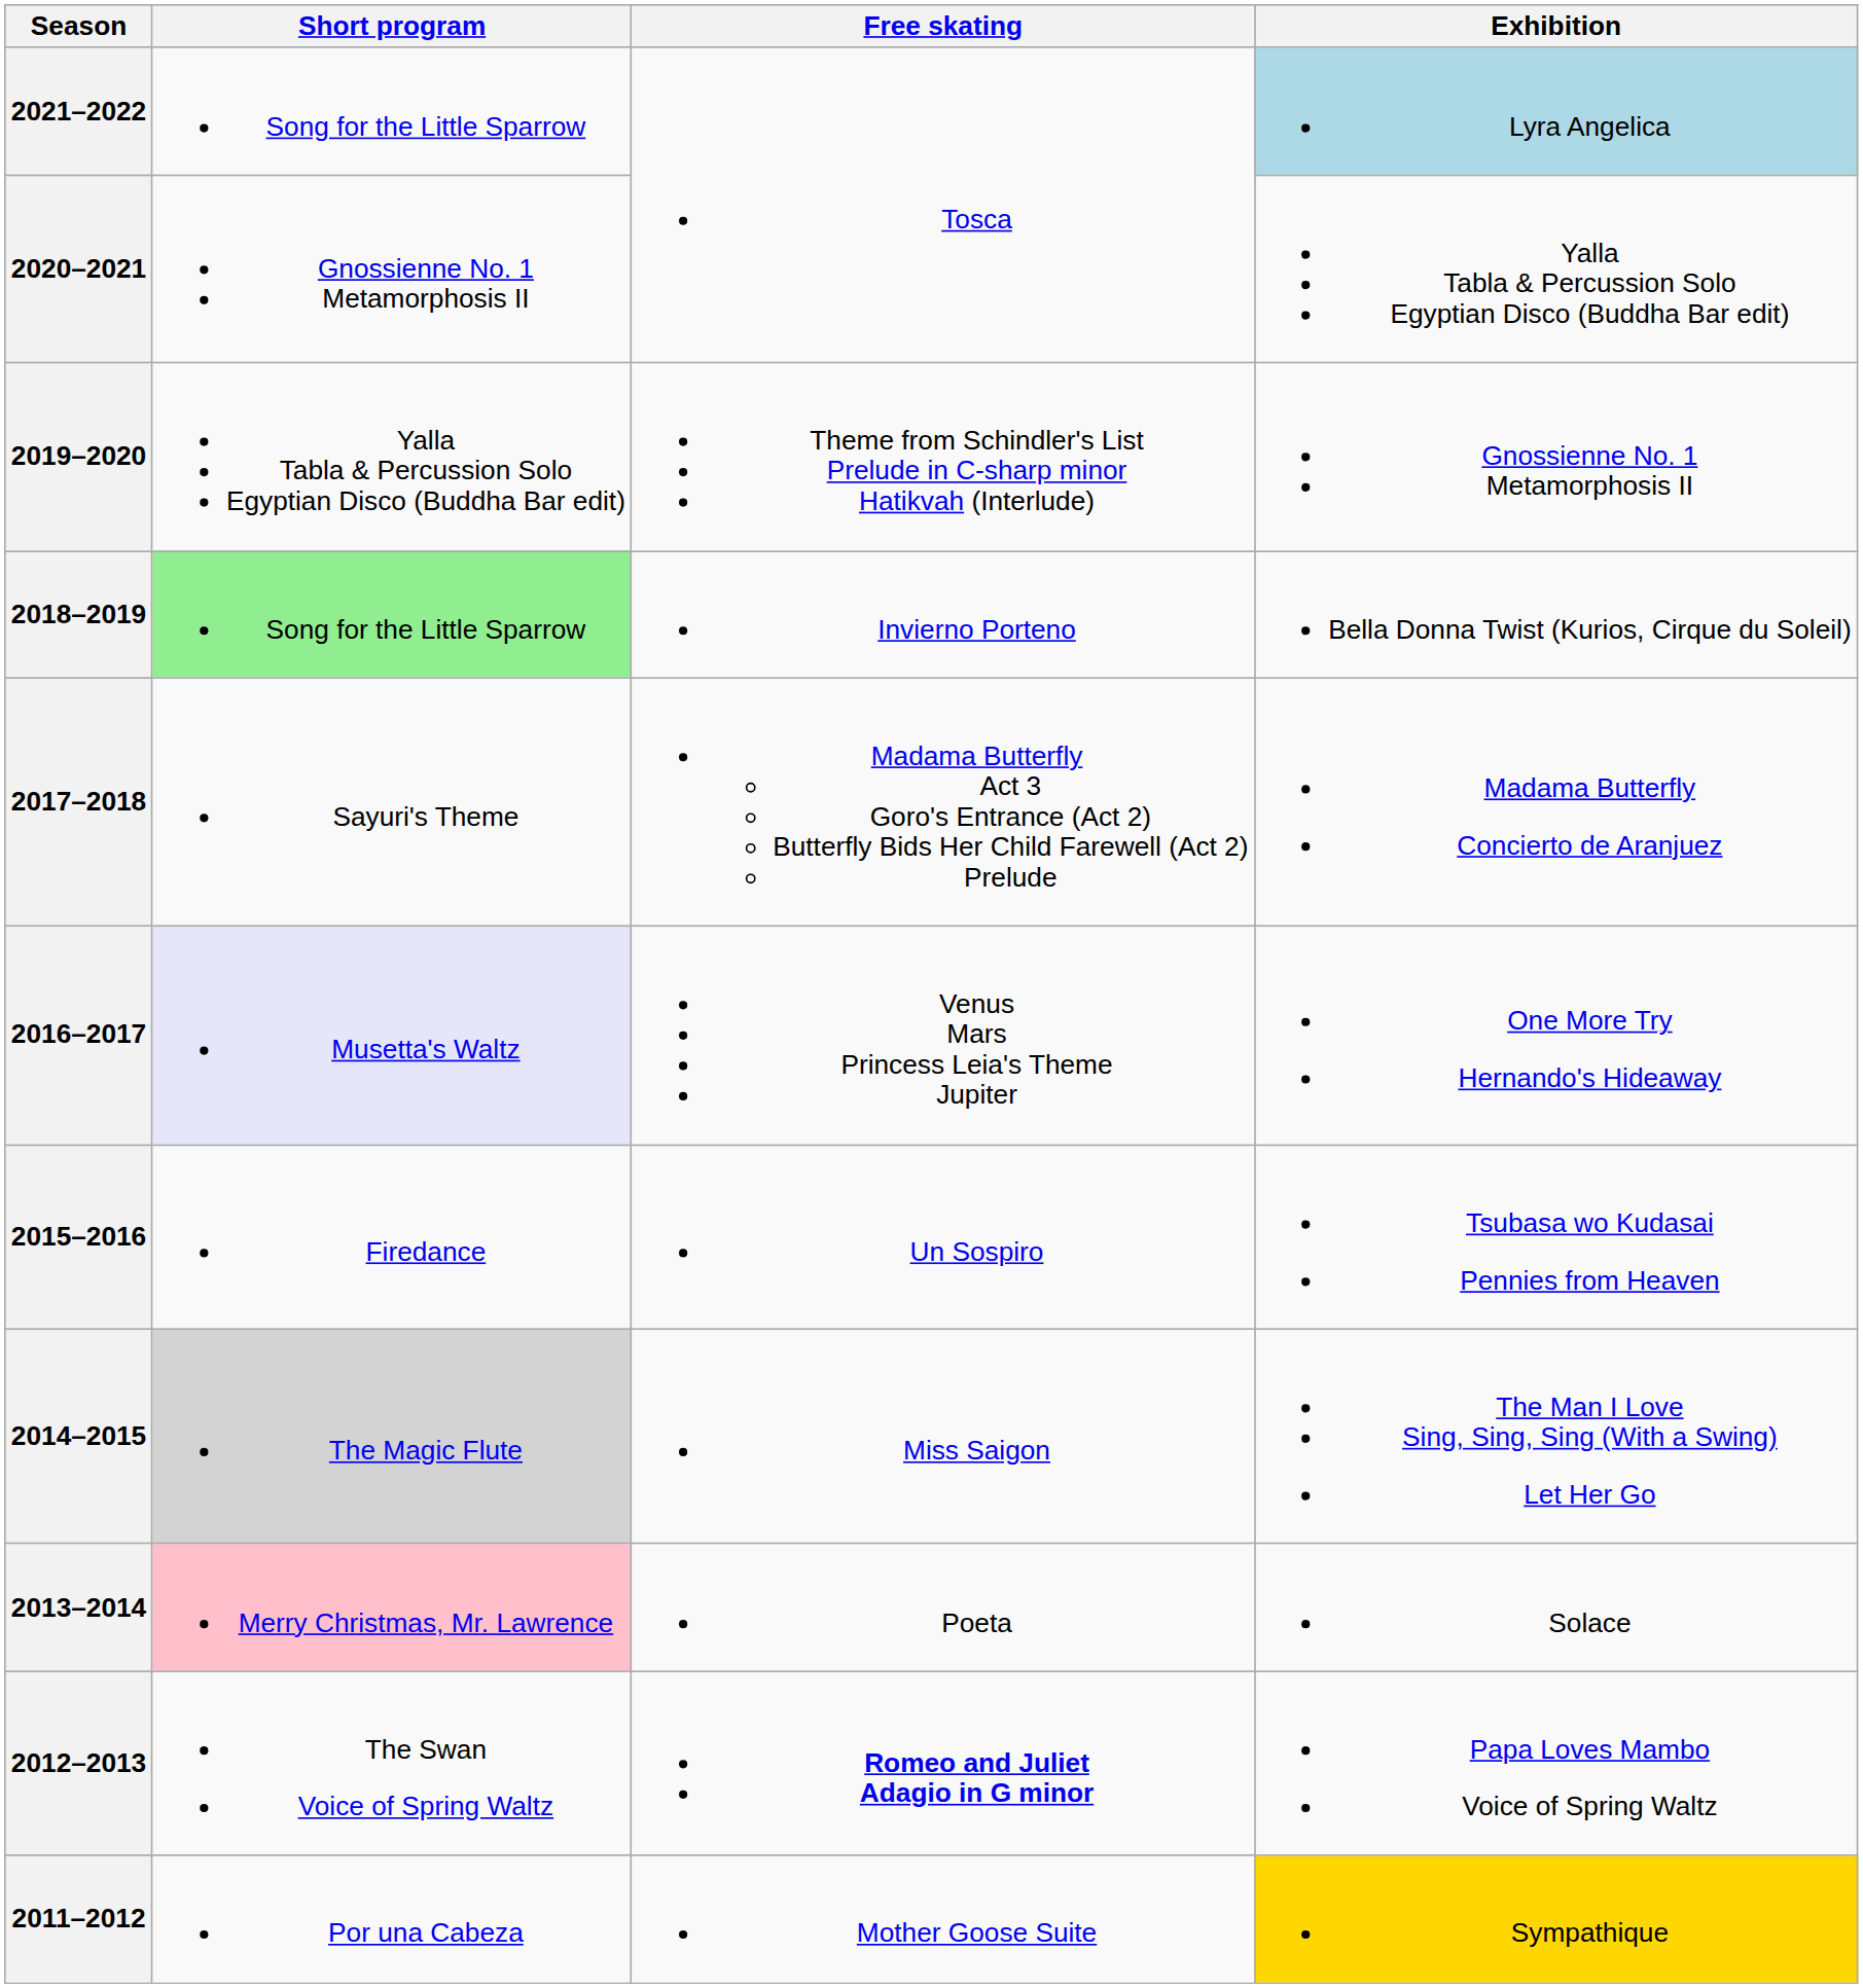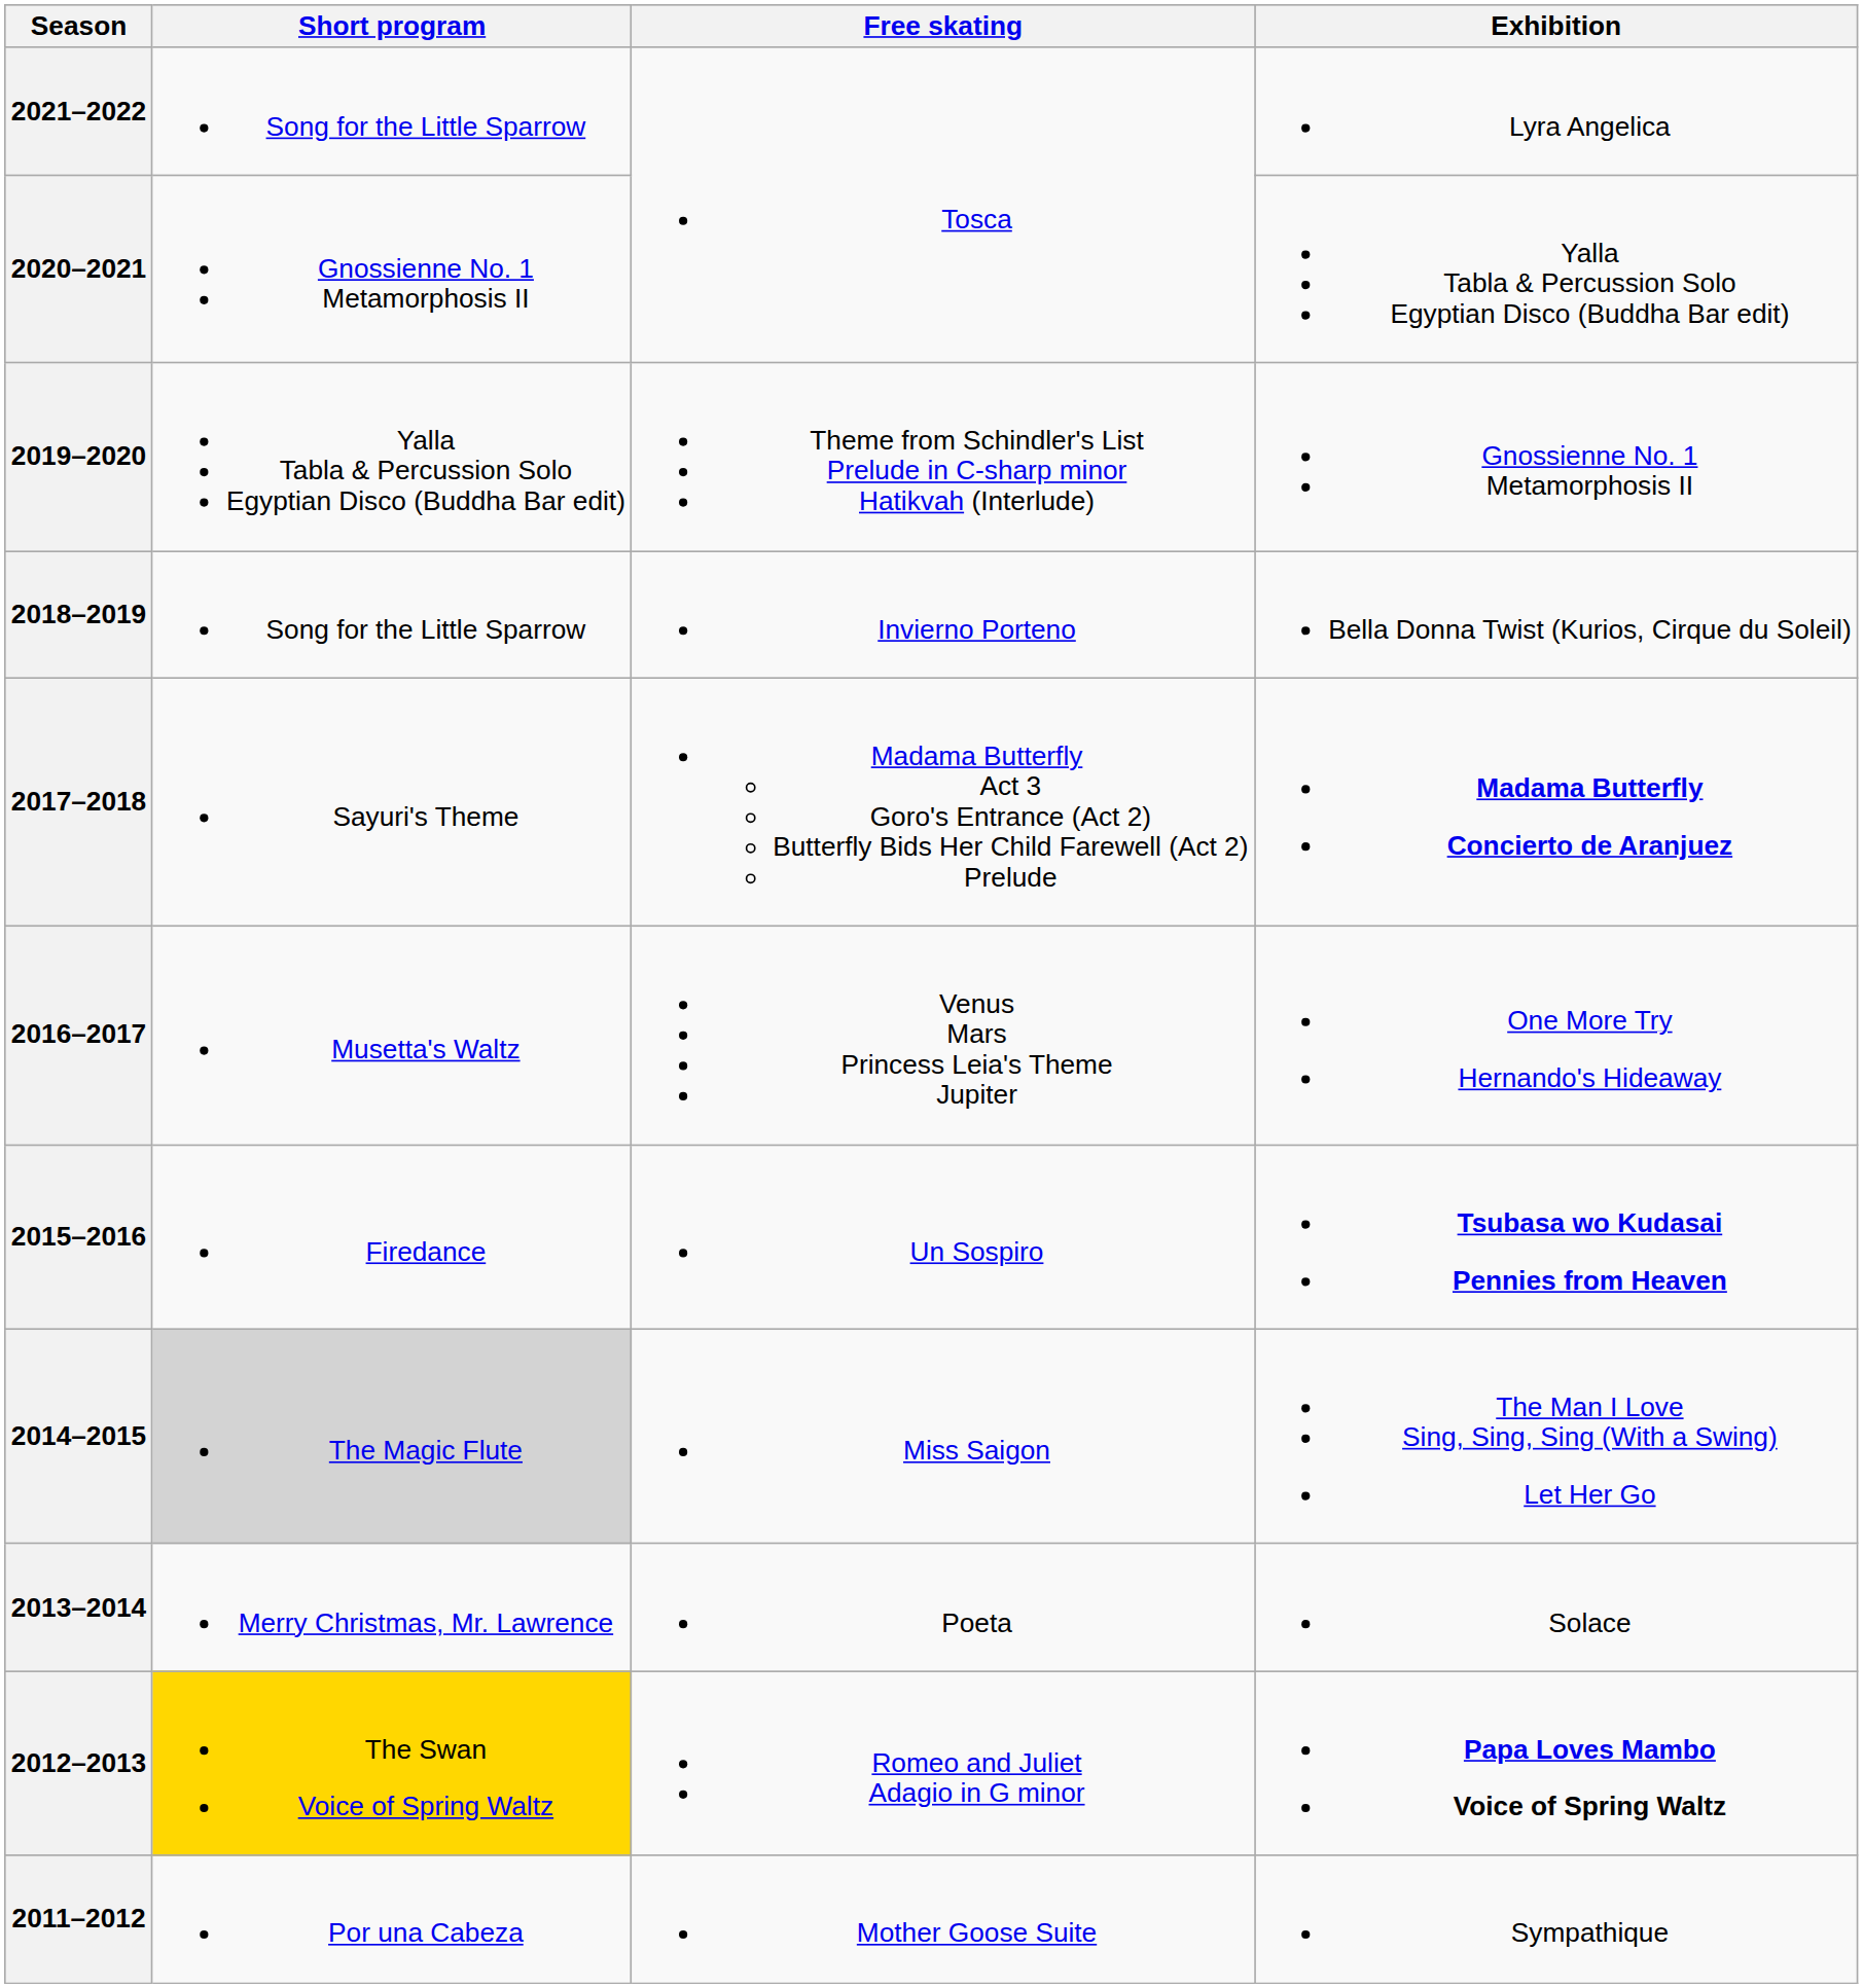 <table class="wikitable" style="text-align:center">
 <tr>
 <th>Season</th>
 <th><a href='#'>Short program</a></th>
 <th><a href='#'>Free skating</a></th>
 <th>Exhibition</th>
 </tr>
 <tr>
 <th>2021–2022 <br> </th>
 <td><br><ul><li><a href='#'>Song for the Little Sparrow</a> <br></li></ul></td>
 <td rowspan=2><br><ul><li><a href='#'>Tosca</a><br></li></ul></td>
-<td style="background: lightblue;"><br><ul><li>Lyra Angelica <br> </li></ul></td>
+<td><br><ul><li>Lyra Angelica <br> </li></ul></td>
 </tr>
 <tr>
 <th>2020–2021 <br> </th>
 <td><br><ul><li><a href='#'>Gnossienne No. 1</a> <br> </li><li>Metamorphosis II <br> </li></ul></td>
 <td><br><ul><li>Yalla <br> </li><li>Tabla & Percussion Solo <br> </li><li>Egyptian Disco (Buddha Bar edit) <br> </li></ul></td>
 </tr>
 <tr>
 <th>2019–2020 <br> </th>
 <td><br><ul><li>Yalla <br> </li><li>Tabla & Percussion Solo <br> </li><li>Egyptian Disco (Buddha Bar edit) <br> </li></ul></td>
 <td><br><ul><li>Theme from Schindler's List <br> </li><li><a href='#'>Prelude in C-sharp minor</a> <br> </li><li><a href='#'>Hatikvah</a> (Interlude) <br> </li></ul></td>
 <td><br><ul><li><a href='#'>Gnossienne No. 1</a> <br> </li><li>Metamorphosis II <br> </li></ul></td>
 </tr>
 <tr>
 <th>2018–2019 <br> </th>
-<td style="background: lightgreen;"><br><ul><li>Song for the Little Sparrow <br></li></ul></td>
+<td><br><ul><li>Song for the Little Sparrow <br></li></ul></td>
 <td><br><ul><li><a href='#'>Invierno Porteno</a> <br></li></ul></td>
 <td><br><ul><li>Bella Donna Twist (Kurios, Cirque du Soleil) <br></li></ul></td>
 </tr>
 <tr>
 <th>2017–2018 <br></th>
 <td><br><ul><li>Sayuri's Theme <br></li></ul></td>
 <td><br><ul><li><a href='#'>Madama Butterfly</a> <br><ul><li>Act 3</li><li>Goro's Entrance (Act 2)</li><li>Butterfly Bids Her Child Farewell (Act 2)</li><li>Prelude</li></ul></li></ul></td>
-<td><br><ul><li><a href='#'>Madama Butterfly</a> <br></li></ul><ul><li><a href='#'>Concierto de Aranjuez</a> <br></li></ul></td>
+<td><strong><br><ul><li><a href='#'>Madama Butterfly</a> <br></li></ul><ul><li><a href='#'>Concierto de Aranjuez</a> <br></li></ul></strong></td>
 </tr>
 <tr>
 <th>2016–2017 <br></th>
-<td style="background: lavender;"><br><ul><li><a href='#'>Musetta's Waltz</a> <br></li></ul></td>
+<td><br><ul><li><a href='#'>Musetta's Waltz</a> <br></li></ul></td>
 <td><br><ul><li>Venus <br></li><li>Mars <br></li><li>Princess Leia's Theme <br></li><li>Jupiter <br></li></ul></td>
 <td><br><ul><li><a href='#'>One More Try</a> <br></li></ul><ul><li><a href='#'>Hernando's Hideaway</a> <br></li></ul></td>
 </tr>
 <tr>
 <th>2015–2016 <br> </th>
 <td><br><ul><li><a href='#'>Firedance</a> <br></li></ul></td>
 <td><br><ul><li><a href='#'>Un Sospiro</a> <br></li></ul></td>
-<td><br><ul><li><a href='#'>Tsubasa wo Kudasai</a> <br></li></ul><ul><li><a href='#'>Pennies from Heaven</a> <br></li></ul></td>
+<td><strong><br><ul><li><a href='#'>Tsubasa wo Kudasai</a> <br></li></ul><ul><li><a href='#'>Pennies from Heaven</a> <br></li></ul></strong></td>
 </tr>
 <tr>
 <th>2014–2015 <br> </th>
 <td style="background: lightgrey;"><br><ul><li><a href='#'>The Magic Flute</a> <br></li></ul></td>
 <td><br><ul><li><a href='#'>Miss Saigon</a> <br></li></ul></td>
 <td><br><ul><li><a href='#'>The Man I Love</a> <br></li><li><a href='#'>Sing, Sing, Sing (With a Swing)</a> <br></li></ul><ul><li><a href='#'>Let Her Go</a> <br></li></ul></td>
 </tr>
 <tr>
 <th>2013–2014 <br> </th>
-<td style="background: pink;"><br><ul><li><a href='#'>Merry Christmas, Mr. Lawrence</a> <br></li></ul></td>
+<td><br><ul><li><a href='#'>Merry Christmas, Mr. Lawrence</a> <br></li></ul></td>
 <td><br><ul><li>Poeta <br></li></ul></td>
 <td><br><ul><li>Solace <br></li></ul></td>
 </tr>
 <tr>
 <th>2012–2013 <br> </th>
-<td><br><ul><li>The Swan <br></li></ul><ul><li><a href='#'>Voice of Spring Waltz</a> <br></li></ul></td>
-<td><strong><br><ul><li><a href='#'>Romeo and Juliet</a> <br></li><li><a href='#'>Adagio in G minor</a> <br></li></ul></strong></td>
-<td><br><ul><li><a href='#'>Papa Loves Mambo</a> <br></li></ul><ul><li>Voice of Spring Waltz <br></li></ul></td>
+<td style="background: gold;"><br><ul><li>The Swan <br></li></ul><ul><li><a href='#'>Voice of Spring Waltz</a> <br></li></ul></td>
+<td><br><ul><li><a href='#'>Romeo and Juliet</a> <br></li><li><a href='#'>Adagio in G minor</a> <br></li></ul></td>
+<td><strong><br><ul><li><a href='#'>Papa Loves Mambo</a> <br></li></ul><ul><li>Voice of Spring Waltz <br></li></ul></strong></td>
 </tr>
 <tr>
 <th>2011–2012 <br> </th>
 <td><br><ul><li><a href='#'>Por una Cabeza</a> <br></li></ul></td>
 <td><br><ul><li><a href='#'>Mother Goose Suite</a> <br></li></ul></td>
-<td style="background: gold;"><br><ul><li>Sympathique <br></li></ul></td>
+<td><br><ul><li>Sympathique <br></li></ul></td>
 </tr>
 </table>
